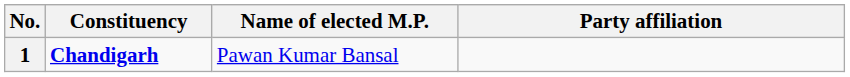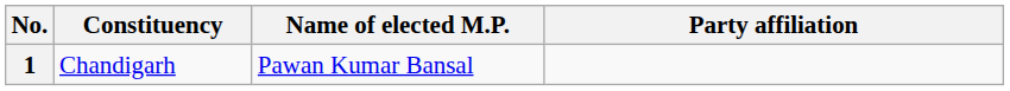 <table class="wikitable">
 <tr style="background:#ccc; text-align:center;">
 <th>No.</th>
 <th style="width:120px">Constituency</th>
 <th style="width:180px">Name of elected M.P.</th>
 <th colspan="2" style="width:18em">Party affiliation</th>
 </tr>
 <tr>
 <th>1</th>
-<td><strong><a href='#'>Chandigarh</a></strong></td>
+<td><a href='#'>Chandigarh</a></td>
 <td><a href='#'>Pawan Kumar Bansal</a></td>
 <td></td>
 </tr>
 </table>
